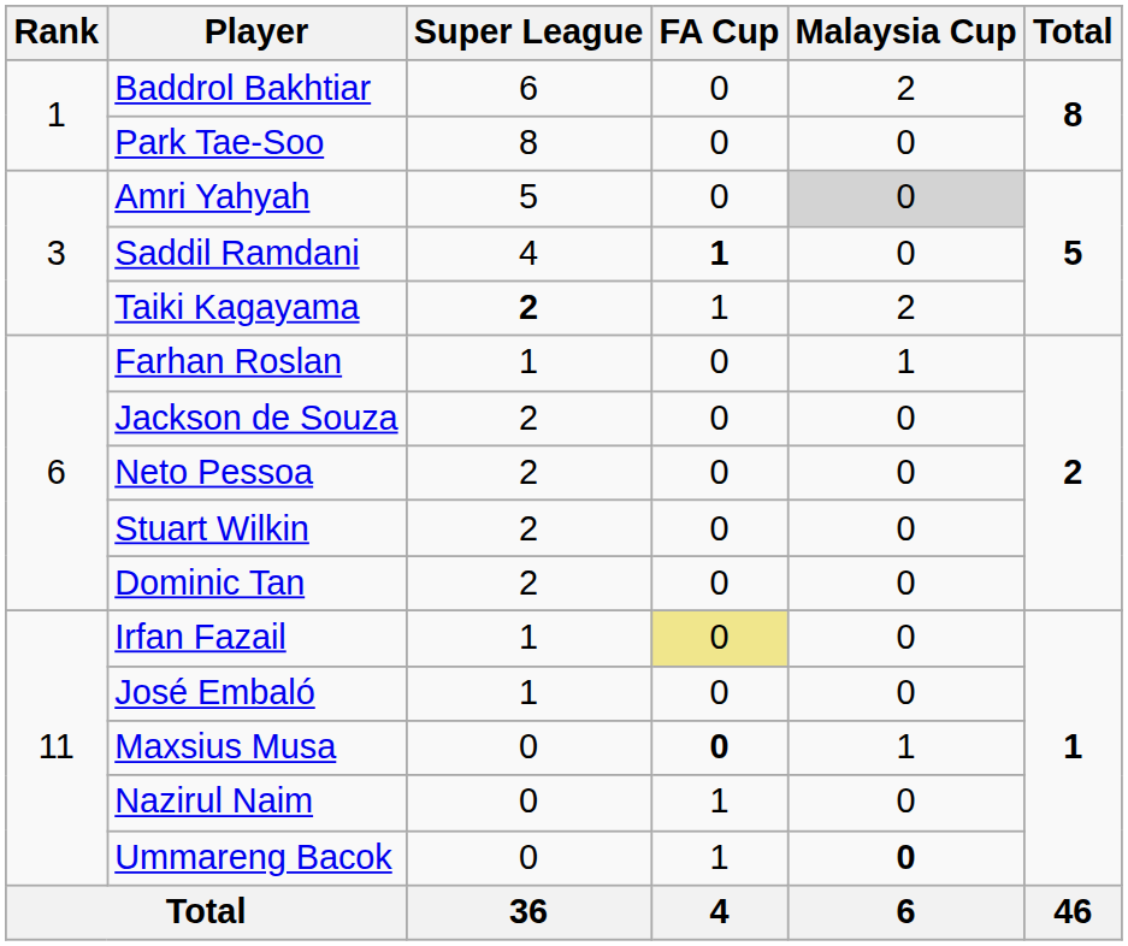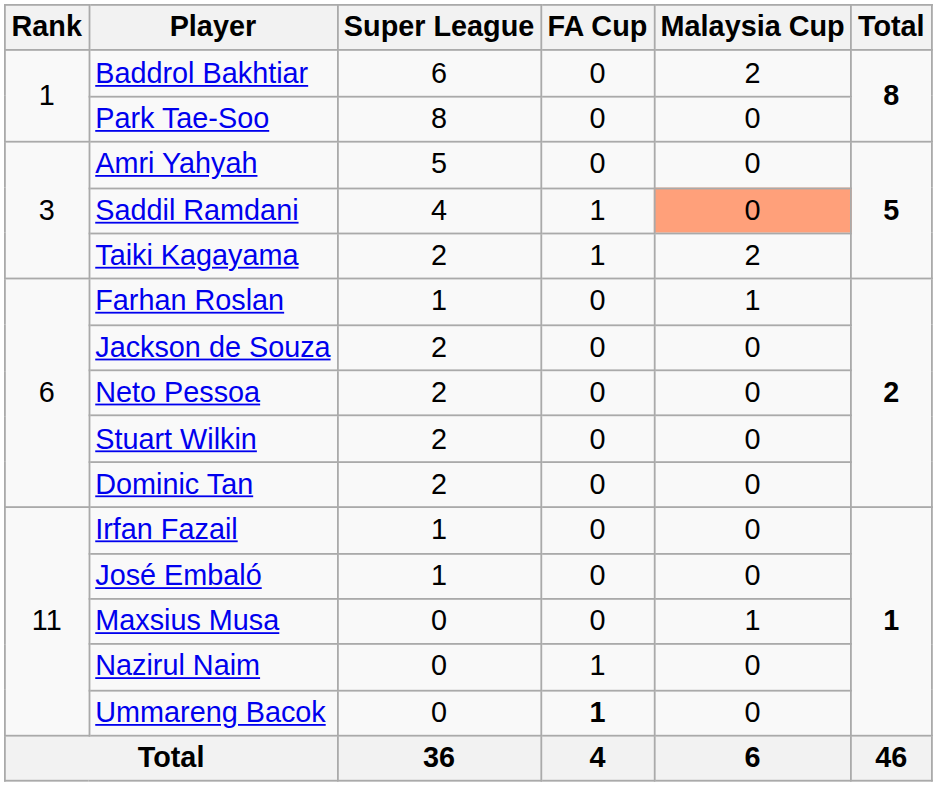 <table class="wikitable" style="text-align:center;">
 <tr>
 <th>Rank</th>
 <th>Player</th>
 <th>Super League</th>
 <th>FA Cup</th>
 <th>Malaysia Cup</th>
 <th>Total</th>
 </tr>
 <tr>
 <td rowspan="2">1</td>
 <td align=left> <a href='#'>Baddrol Bakhtiar</a></td>
 <td>6</td>
 <td>0</td>
 <td>2</td>
 <td rowspan="2"><strong>8</strong></td>
 </tr>
 <tr>
 <td align=left> <a href='#'>Park Tae-Soo</a></td>
 <td>8</td>
 <td>0</td>
 <td>0</td>
 </tr>
 <tr>
 <td rowspan="3">3</td>
 <td align=left> <a href='#'>Amri Yahyah</a></td>
 <td>5</td>
 <td>0</td>
-<td style="background: lightgrey;">0</td>
+<td>0</td>
 <td rowspan="3"><strong>5</strong></td>
 </tr>
 <tr>
 <td align=left> <a href='#'>Saddil Ramdani</a></td>
 <td>4</td>
-<td><strong>1</strong></td>
-<td>0</td>
+<td>1</td>
+<td style="background: lightsalmon;">0</td>
 </tr>
 <tr>
 <td align=left> <a href='#'>Taiki Kagayama</a></td>
-<td><strong>2</strong></td>
+<td>2</td>
 <td>1</td>
 <td>2</td>
 </tr>
 <tr>
 <td rowspan="5">6</td>
 <td align=left> <a href='#'>Farhan Roslan</a></td>
 <td>1</td>
 <td>0</td>
 <td>1</td>
 <td rowspan="5"><strong>2</strong></td>
 </tr>
 <tr>
 <td align=left> <a href='#'>Jackson de Souza</a></td>
 <td>2</td>
 <td>0</td>
 <td>0</td>
 </tr>
 <tr>
 <td align=left> <a href='#'>Neto Pessoa</a></td>
 <td>2</td>
 <td>0</td>
 <td>0</td>
 </tr>
 <tr>
 <td align=left> <a href='#'>Stuart Wilkin</a></td>
 <td>2</td>
 <td>0</td>
 <td>0</td>
 </tr>
 <tr>
 <td align=left> <a href='#'>Dominic Tan</a></td>
 <td>2</td>
 <td>0</td>
 <td>0</td>
 </tr>
 <tr>
 <td rowspan="5">11</td>
 <td align=left> <a href='#'>Irfan Fazail</a></td>
 <td>1</td>
-<td style="background: khaki;">0</td>
+<td>0</td>
 <td>0</td>
 <td rowspan="5"><strong>1</strong></td>
 </tr>
 <tr>
 <td align=left> <a href='#'>José Embaló</a></td>
 <td>1</td>
 <td>0</td>
 <td>0</td>
 </tr>
 <tr>
 <td align=left> <a href='#'>Maxsius Musa</a></td>
 <td>0</td>
-<td><strong>0</strong></td>
+<td>0</td>
 <td>1</td>
 </tr>
 <tr>
 <td align=left> <a href='#'>Nazirul Naim</a></td>
 <td>0</td>
 <td>1</td>
 <td>0</td>
 </tr>
 <tr>
 <td align=left> <a href='#'>Ummareng Bacok</a></td>
 <td>0</td>
-<td>1</td>
-<td><strong>0</strong></td>
+<td><strong>1</strong></td>
+<td>0</td>
 </tr>
 <tr>
 <th colspan=2>Total</th>
 <th>36</th>
 <th>4</th>
 <th>6</th>
 <th>46</th>
 </tr>
 </table>
